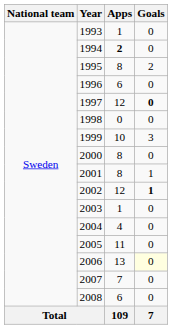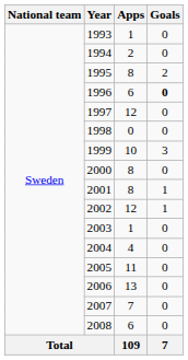 <table class="wikitable" style="text-align:center">
 <tr>
 <th>National team</th>
 <th>Year</th>
 <th>Apps</th>
 <th>Goals</th>
 </tr>
 <tr>
 <td rowspan="16"><a href='#'>Sweden</a></td>
 <td>1993</td>
 <td>1</td>
 <td>0</td>
 </tr>
 <tr>
 <td>1994</td>
-<td><strong>2</strong></td>
+<td>2</td>
 <td>0</td>
 </tr>
 <tr>
 <td>1995</td>
 <td>8</td>
 <td>2</td>
 </tr>
 <tr>
 <td>1996</td>
 <td>6</td>
-<td>0</td>
+<td><strong>0</strong></td>
 </tr>
 <tr>
 <td>1997</td>
 <td>12</td>
-<td><strong>0</strong></td>
+<td>0</td>
 </tr>
 <tr>
 <td>1998</td>
 <td>0</td>
 <td>0</td>
 </tr>
 <tr>
 <td>1999</td>
 <td>10</td>
 <td>3</td>
 </tr>
 <tr>
 <td>2000</td>
 <td>8</td>
 <td>0</td>
 </tr>
 <tr>
 <td>2001</td>
 <td>8</td>
 <td>1</td>
 </tr>
 <tr>
 <td>2002</td>
 <td>12</td>
-<td><strong>1</strong></td>
+<td>1</td>
 </tr>
 <tr>
 <td>2003</td>
 <td>1</td>
 <td>0</td>
 </tr>
 <tr>
 <td>2004</td>
 <td>4</td>
 <td>0</td>
 </tr>
 <tr>
 <td>2005</td>
 <td>11</td>
 <td>0</td>
 </tr>
 <tr>
 <td>2006</td>
 <td>13</td>
-<td style="background: lightyellow;">0</td>
+<td>0</td>
 </tr>
 <tr>
 <td>2007</td>
 <td>7</td>
 <td>0</td>
 </tr>
 <tr>
 <td>2008</td>
 <td>6</td>
 <td>0</td>
 </tr>
 <tr>
 <th colspan="2">Total</th>
 <th>109</th>
 <th>7</th>
 </tr>
 </table>
